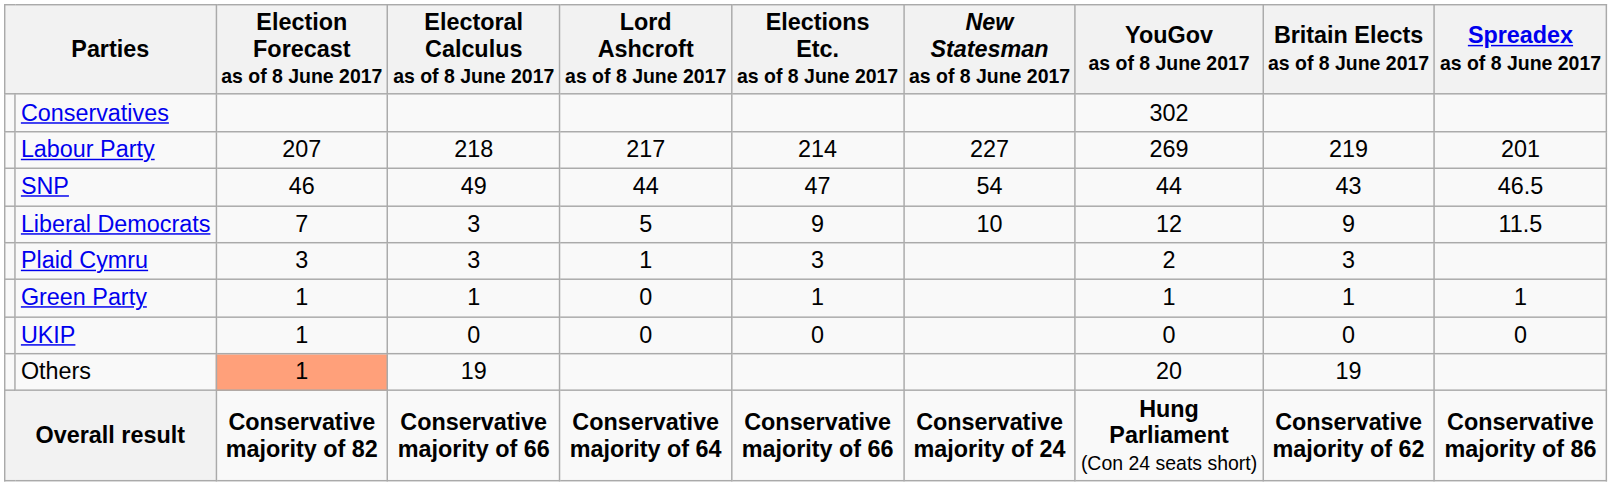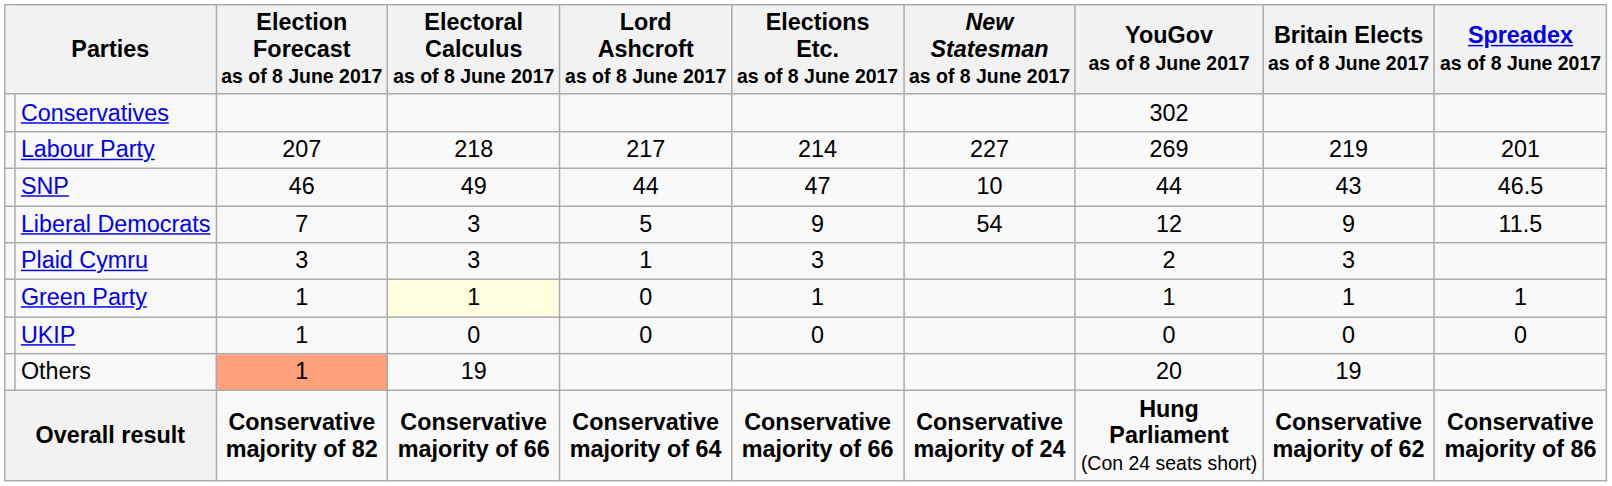 <table class="wikitable">
 <tr>
 <th colspan="2">Parties</th>
 <th style="vertical-align:top;">Election<br>Forecast<br><small>as of 8 June 2017</small></th>
 <th style="vertical-align:top;">Electoral <br> Calculus<br><small>as of 8 June 2017</small></th>
 <th style="vertical-align:top;">Lord <br> Ashcroft<br><small>as of 8 June 2017</small></th>
 <th style="vertical-align:top;">Elections<br>Etc.<br><small>as of 8 June 2017</small></th>
 <th style="vertical-align:top;"><em>New<br>Statesman</em><br><small>as of 8 June 2017</small></th>
 <th>YouGov<br><small>as of 8 June 2017</small></th>
 <th>Britain Elects<br><small>as of 8 June 2017</small></th>
 <th><a href='#'>Spreadex</a><br><small>as of 8 June 2017</small></th>
 </tr>
 <tr>
 <td></td>
 <td><a href='#'>Conservatives</a></td>
 <td></td>
 <td></td>
 <td></td>
 <td></td>
 <td></td>
 <td style="text-align:center;">302</td>
 <td></td>
 <td></td>
 </tr>
 <tr>
 <td></td>
 <td><a href='#'>Labour Party</a></td>
 <td style="text-align:center;">207</td>
 <td style="text-align:center;">218</td>
 <td style="text-align:center;">217</td>
 <td style="text-align:center;">214</td>
 <td style="text-align:center;">227</td>
 <td style="text-align:center;">269</td>
 <td style="text-align:center;">219</td>
 <td style="text-align:center;">201</td>
 </tr>
 <tr>
 <td></td>
 <td><a href='#'>SNP</a></td>
 <td style="text-align:center;">46</td>
 <td style="text-align:center;">49</td>
 <td style="text-align:center;">44</td>
 <td style="text-align:center;">47</td>
-<td style="text-align:center;">54</td>
+<td style="text-align:center;">10</td>
 <td style="text-align:center;">44</td>
 <td style="text-align:center;">43</td>
 <td style="text-align:center;">46.5</td>
 </tr>
 <tr>
 <td></td>
 <td><a href='#'>Liberal Democrats</a></td>
 <td style="text-align:center;">7</td>
 <td style="text-align:center;">3</td>
 <td style="text-align:center;">5</td>
 <td style="text-align:center;">9</td>
-<td style="text-align:center;">10</td>
+<td style="text-align:center;">54</td>
 <td style="text-align:center;">12</td>
 <td style="text-align:center;">9</td>
 <td style="text-align:center;">11.5</td>
 </tr>
 <tr>
 <td></td>
 <td><a href='#'>Plaid Cymru</a></td>
 <td style="text-align:center;">3</td>
 <td style="text-align:center;">3</td>
 <td style="text-align:center;">1</td>
 <td style="text-align:center;">3</td>
 <td></td>
 <td style="text-align:center;">2</td>
 <td style="text-align:center;">3</td>
 <td></td>
 </tr>
 <tr>
 <td></td>
 <td><a href='#'>Green Party</a></td>
 <td style="text-align:center;">1</td>
-<td style="text-align:center;">1</td>
+<td style="background: lightyellow; text-align:center;">1</td>
 <td style="text-align:center;">0</td>
 <td style="text-align:center;">1</td>
 <td></td>
 <td style="text-align:center;">1</td>
 <td style="text-align:center;">1</td>
 <td style="text-align:center;">1</td>
 </tr>
 <tr>
 <td></td>
 <td><a href='#'>UKIP</a></td>
 <td style="text-align:center;">1</td>
 <td style="text-align:center;">0</td>
 <td style="text-align:center;">0</td>
 <td style="text-align:center;">0</td>
 <td></td>
 <td style="text-align:center;">0</td>
 <td style="text-align:center;">0</td>
 <td style="text-align:center;">0</td>
 </tr>
 <tr>
 <td></td>
 <td>Others</td>
 <td style="background: lightsalmon; text-align:center;">1</td>
 <td style="text-align:center;">19</td>
 <td></td>
 <td></td>
 <td></td>
 <td style="text-align:center;">20</td>
 <td style="text-align:center;">19</td>
 <td></td>
 </tr>
 <tr>
 <th colspan="2">Overall result</th>
 <td style="text-align:center; background:"><strong>Conservative <br> majority of 82</strong></td>
 <td style="text-align:center; background:"><strong>Conservative <br> majority of 66</strong></td>
 <td style="text-align:center; background:"><strong>Conservative <br> majority of 64</strong></td>
 <td style="text-align:center; background:"><strong>Conservative <br> majority of 66</strong></td>
 <td style="text-align:center; background:"><strong>Conservative <br> majority of 24</strong></td>
 <td style="text-align:center; color:"><strong>Hung <br> Parliament</strong> <br> <small>(Con 24 seats short)</small></td>
 <td style="text-align:center; background:"><strong>Conservative <br> majority of 62</strong></td>
 <td style="text-align:center; background:"><strong>Conservative <br> majority of 86</strong></td>
 </tr>
 </table>
